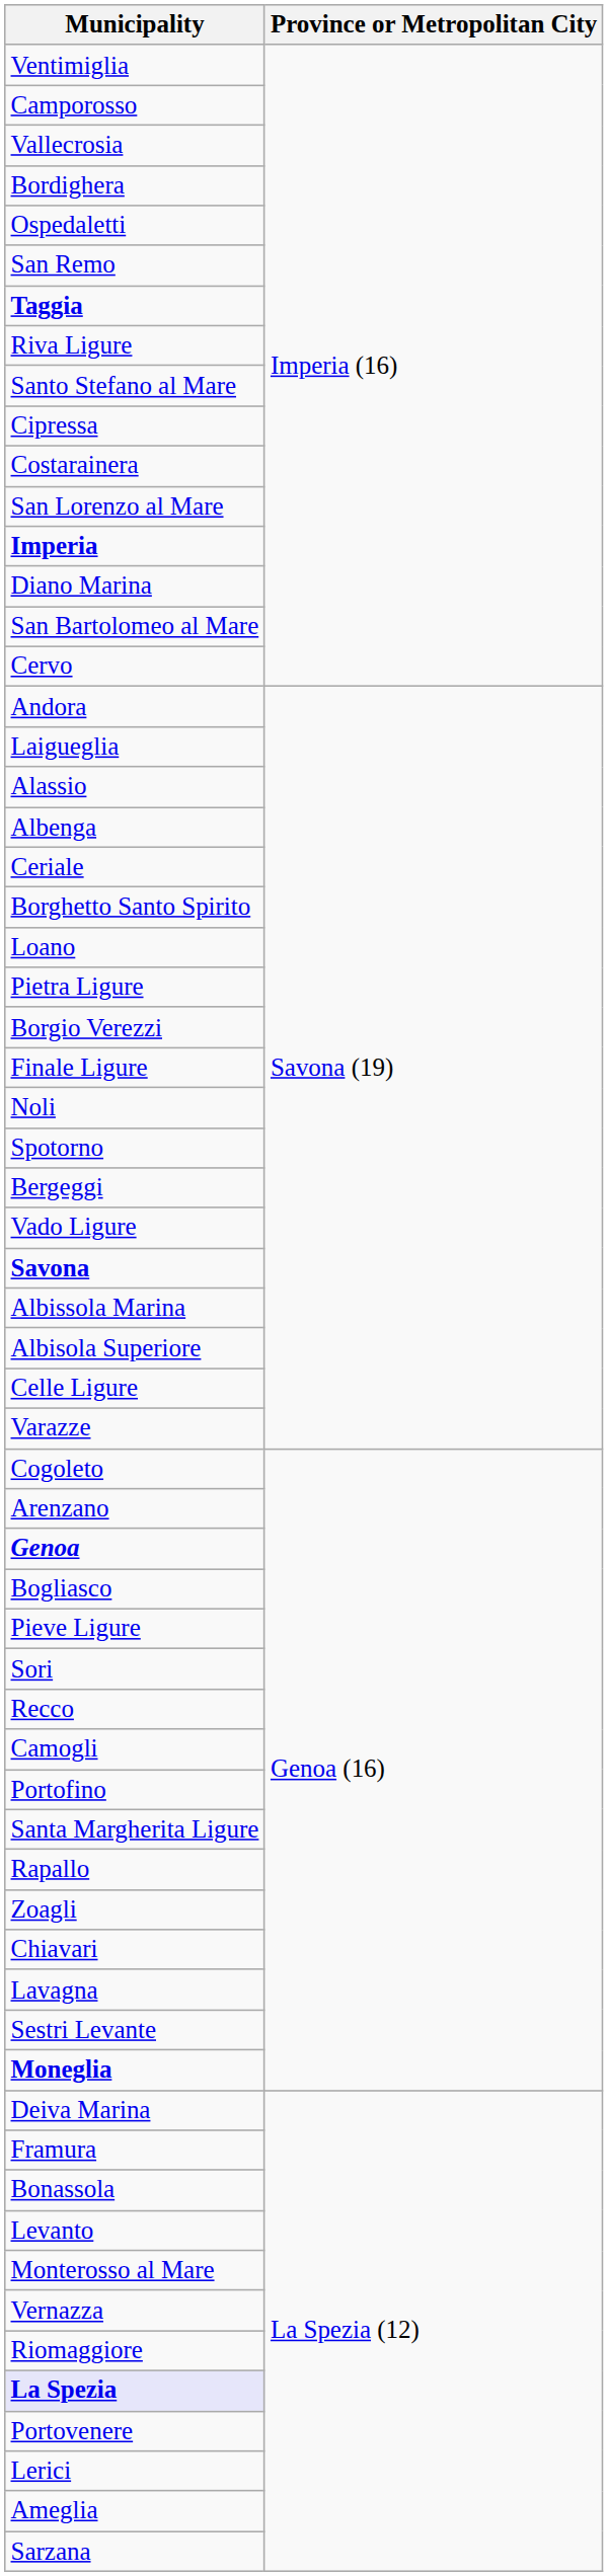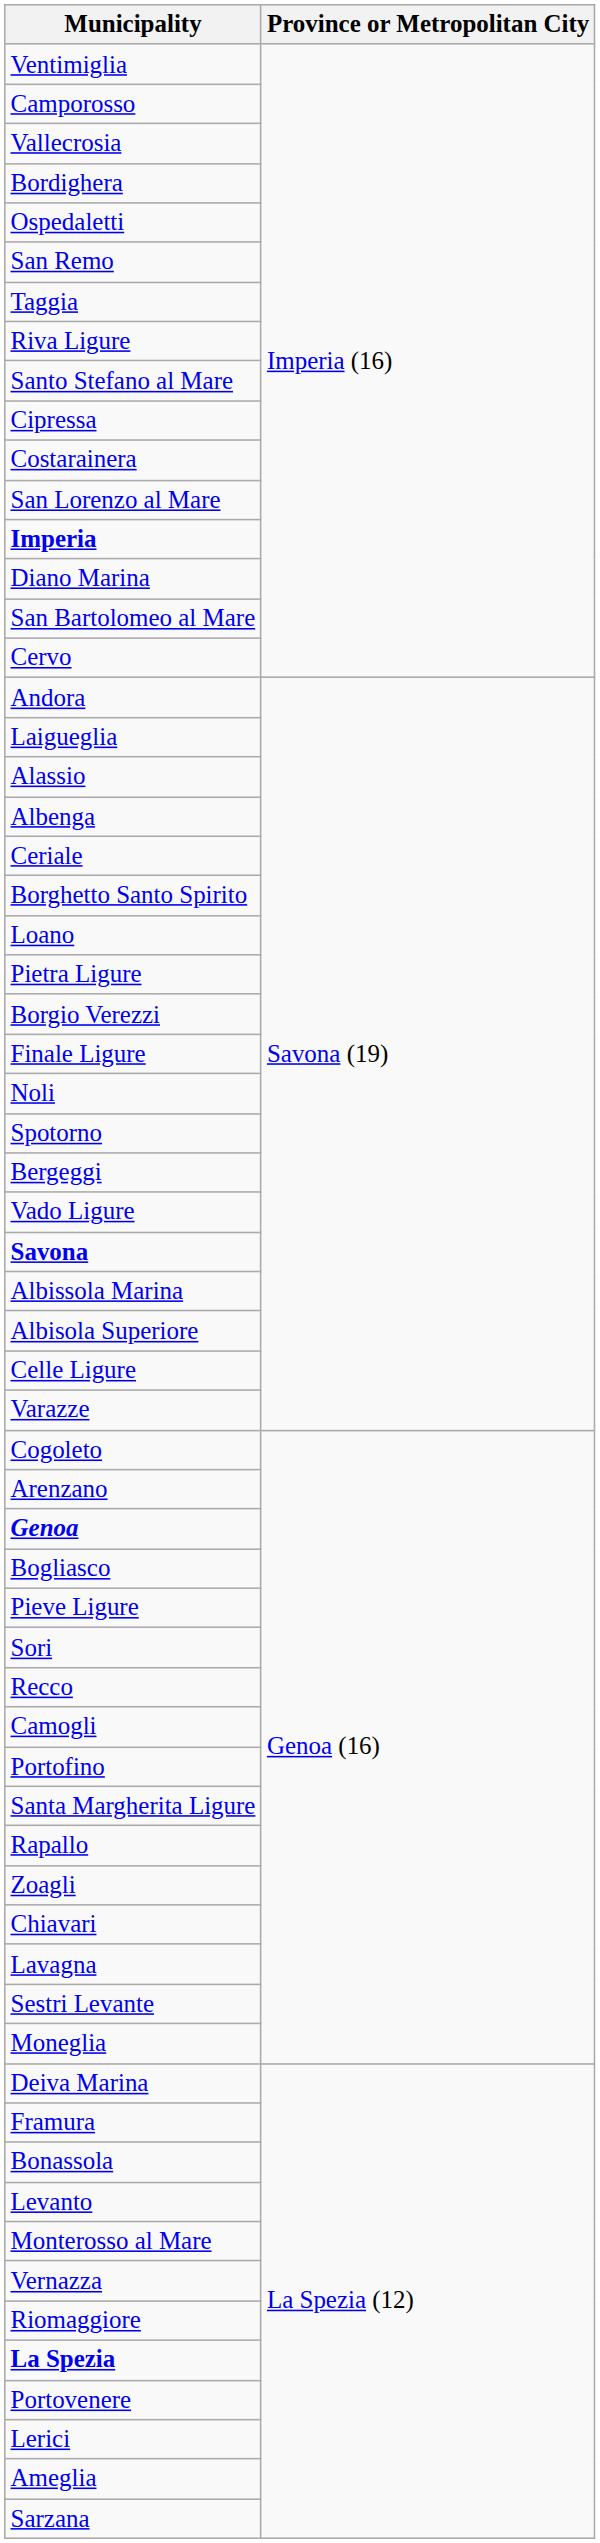 <table class="wikitable sortable">
 <tr>
 <th>Municipality</th>
 <th>Province or Metropolitan City</th>
 </tr>
 <tr>
 <td><a href='#'>Ventimiglia</a></td>
 <td rowspan="16"><a href='#'>Imperia</a> (16)</td>
 </tr>
 <tr>
 <td><a href='#'>Camporosso</a></td>
 </tr>
 <tr>
 <td><a href='#'>Vallecrosia</a></td>
 </tr>
 <tr>
 <td><a href='#'>Bordighera</a></td>
 </tr>
 <tr>
 <td><a href='#'>Ospedaletti</a></td>
 </tr>
 <tr>
 <td><a href='#'>San Remo</a></td>
 </tr>
 <tr>
-<td><strong><a href='#'>Taggia</a></strong></td>
+<td><a href='#'>Taggia</a></td>
 </tr>
 <tr>
 <td><a href='#'>Riva Ligure</a></td>
 </tr>
 <tr>
 <td><a href='#'>Santo Stefano al Mare</a></td>
 </tr>
 <tr>
 <td><a href='#'>Cipressa</a></td>
 </tr>
 <tr>
 <td><a href='#'>Costarainera</a></td>
 </tr>
 <tr>
 <td><a href='#'>San Lorenzo al Mare</a></td>
 </tr>
 <tr>
 <td><strong><a href='#'>Imperia</a></strong></td>
 </tr>
 <tr>
 <td><a href='#'>Diano Marina</a></td>
 </tr>
 <tr>
 <td><a href='#'>San Bartolomeo al Mare</a></td>
 </tr>
 <tr>
 <td><a href='#'>Cervo</a></td>
 </tr>
 <tr>
 <td><a href='#'>Andora</a></td>
 <td rowspan="19"><a href='#'>Savona</a> (19)</td>
 </tr>
 <tr>
 <td><a href='#'>Laigueglia</a></td>
 </tr>
 <tr>
 <td><a href='#'>Alassio</a></td>
 </tr>
 <tr>
 <td><a href='#'>Albenga</a></td>
 </tr>
 <tr>
 <td><a href='#'>Ceriale</a></td>
 </tr>
 <tr>
 <td><a href='#'>Borghetto Santo Spirito</a></td>
 </tr>
 <tr>
 <td><a href='#'>Loano</a></td>
 </tr>
 <tr>
 <td><a href='#'>Pietra Ligure</a></td>
 </tr>
 <tr>
 <td><a href='#'>Borgio Verezzi</a></td>
 </tr>
 <tr>
 <td><a href='#'>Finale Ligure</a></td>
 </tr>
 <tr>
 <td><a href='#'>Noli</a></td>
 </tr>
 <tr>
 <td><a href='#'>Spotorno</a></td>
 </tr>
 <tr>
 <td><a href='#'>Bergeggi</a></td>
 </tr>
 <tr>
 <td><a href='#'>Vado Ligure</a></td>
 </tr>
 <tr>
 <td><strong><a href='#'>Savona</a></strong></td>
 </tr>
 <tr>
 <td><a href='#'>Albissola Marina</a></td>
 </tr>
 <tr>
 <td><a href='#'>Albisola Superiore</a></td>
 </tr>
 <tr>
 <td><a href='#'>Celle Ligure</a></td>
 </tr>
 <tr>
 <td><a href='#'>Varazze</a></td>
 </tr>
 <tr>
 <td><a href='#'>Cogoleto</a></td>
 <td rowspan="16"><a href='#'>Genoa</a> (16)</td>
 </tr>
 <tr>
 <td><a href='#'>Arenzano</a></td>
 </tr>
 <tr>
 <td><strong><em><a href='#'>Genoa</a></em></strong></td>
 </tr>
 <tr>
 <td><a href='#'>Bogliasco</a></td>
 </tr>
 <tr>
 <td><a href='#'>Pieve Ligure</a></td>
 </tr>
 <tr>
 <td><a href='#'>Sori</a></td>
 </tr>
 <tr>
 <td><a href='#'>Recco</a></td>
 </tr>
 <tr>
 <td><a href='#'>Camogli</a></td>
 </tr>
 <tr>
 <td><a href='#'>Portofino</a></td>
 </tr>
 <tr>
 <td><a href='#'>Santa Margherita Ligure</a></td>
 </tr>
 <tr>
 <td><a href='#'>Rapallo</a></td>
 </tr>
 <tr>
 <td><a href='#'>Zoagli</a></td>
 </tr>
 <tr>
 <td><a href='#'>Chiavari</a></td>
 </tr>
 <tr>
 <td><a href='#'>Lavagna</a></td>
 </tr>
 <tr>
 <td><a href='#'>Sestri Levante</a></td>
 </tr>
 <tr>
-<td><strong><a href='#'>Moneglia</a></strong></td>
+<td><a href='#'>Moneglia</a></td>
 </tr>
 <tr>
 <td><a href='#'>Deiva Marina</a></td>
 <td rowspan="12"><a href='#'>La Spezia</a> (12)</td>
 </tr>
 <tr>
 <td><a href='#'>Framura</a></td>
 </tr>
 <tr>
 <td><a href='#'>Bonassola</a></td>
 </tr>
 <tr>
 <td><a href='#'>Levanto</a></td>
 </tr>
 <tr>
 <td><a href='#'>Monterosso al Mare</a></td>
 </tr>
 <tr>
 <td><a href='#'>Vernazza</a></td>
 </tr>
 <tr>
 <td><a href='#'>Riomaggiore</a></td>
 </tr>
 <tr>
-<td style="background: lavender;"><strong><a href='#'>La Spezia</a></strong></td>
+<td><strong><a href='#'>La Spezia</a></strong></td>
 </tr>
 <tr>
 <td><a href='#'>Portovenere</a></td>
 </tr>
 <tr>
 <td><a href='#'>Lerici</a></td>
 </tr>
 <tr>
 <td><a href='#'>Ameglia</a></td>
 </tr>
 <tr>
 <td><a href='#'>Sarzana</a></td>
 </tr>
 </table>
